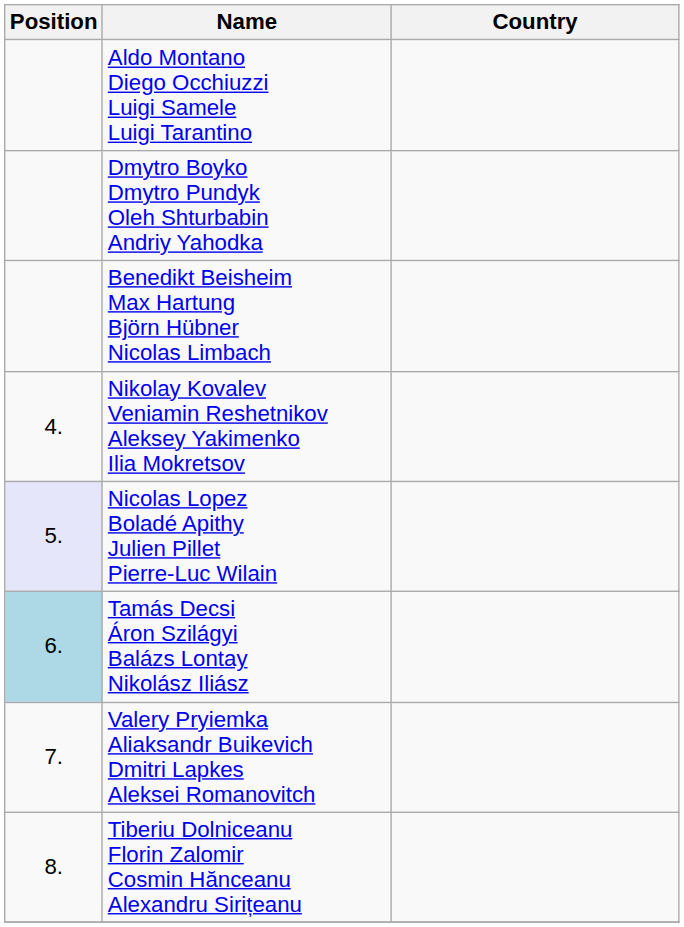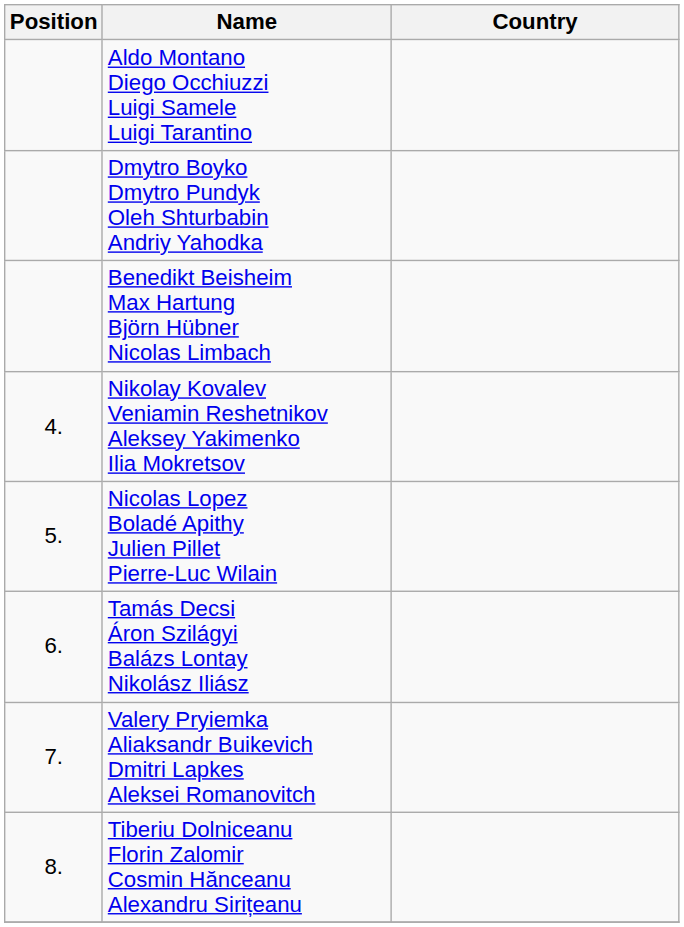 <table class="wikitable">
 <tr>
 <th width="20">Position</th>
 <th width="200">Name</th>
 <th width="200">Country</th>
 </tr>
 <tr>
 <td align="center"></td>
 <td><a href='#'>Aldo Montano</a><br><a href='#'>Diego Occhiuzzi</a><br><a href='#'>Luigi Samele</a><br><a href='#'>Luigi Tarantino</a></td>
 <td></td>
 </tr>
 <tr>
 <td align="center"></td>
 <td><a href='#'>Dmytro Boyko</a><br><a href='#'>Dmytro Pundyk</a><br><a href='#'>Oleh Shturbabin</a><br><a href='#'>Andriy Yahodka</a></td>
 <td></td>
 </tr>
 <tr>
 <td align="center"></td>
 <td><a href='#'>Benedikt Beisheim</a><br><a href='#'>Max Hartung</a><br><a href='#'>Björn Hübner</a><br><a href='#'>Nicolas Limbach</a></td>
 <td></td>
 </tr>
 <tr>
 <td align="center">4.</td>
 <td><a href='#'>Nikolay Kovalev</a><br><a href='#'>Veniamin Reshetnikov</a><br><a href='#'>Aleksey Yakimenko</a><br><a href='#'>Ilia Mokretsov</a></td>
 <td></td>
 </tr>
 <tr>
-<td align="center" style="background: lavender;">5.</td>
+<td align="center">5.</td>
 <td><a href='#'>Nicolas Lopez</a><br><a href='#'>Boladé Apithy</a><br><a href='#'>Julien Pillet</a><br><a href='#'>Pierre-Luc Wilain</a></td>
 <td></td>
 </tr>
 <tr>
-<td align="center" style="background: lightblue;">6.</td>
+<td align="center">6.</td>
 <td><a href='#'>Tamás Decsi</a><br><a href='#'>Áron Szilágyi</a><br><a href='#'>Balázs Lontay</a><br><a href='#'>Nikolász Iliász</a></td>
 <td></td>
 </tr>
 <tr>
 <td align="center">7.</td>
 <td><a href='#'>Valery Pryiemka</a><br><a href='#'>Aliaksandr Buikevich</a><br><a href='#'>Dmitri Lapkes</a><br><a href='#'>Aleksei Romanovitch</a></td>
 <td></td>
 </tr>
 <tr>
 <td align="center">8.</td>
 <td><a href='#'>Tiberiu Dolniceanu</a><br><a href='#'>Florin Zalomir</a><br><a href='#'>Cosmin Hănceanu</a><br><a href='#'>Alexandru Sirițeanu</a></td>
 <td></td>
 </tr>
 <tr>
 </tr>
 </table>
